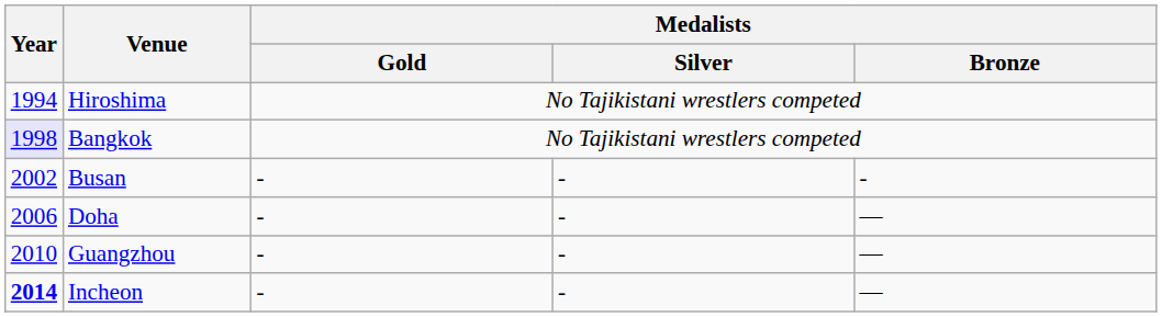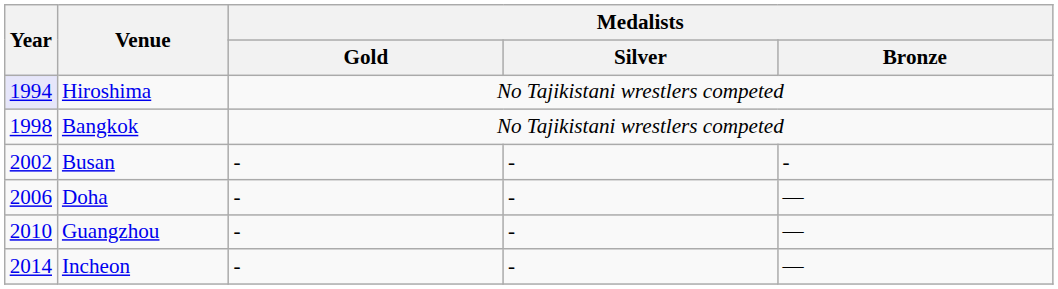 <table class="wikitable" style="text-align:left; font-size:90%">
 <tr>
 <th rowspan=2>Year</th>
 <th width=110 rowspan=2>Venue</th>
 <th colspan=3>Medalists</th>
 </tr>
 <tr>
 <th width=180 align="center">Gold</th>
 <th width=180 align="center">Silver</th>
 <th width=180 align="center">Bronze</th>
 </tr>
 <tr>
-<td><a href='#'>1994</a></td>
+<td style="background: lavender;"><a href='#'>1994</a></td>
 <td><a href='#'>Hiroshima</a></td>
 <td align="center" colspan=3><em>No Tajikistani wrestlers competed</em></td>
 </tr>
 <tr>
-<td style="background: lavender;"><a href='#'>1998</a></td>
+<td><a href='#'>1998</a></td>
 <td><a href='#'>Bangkok</a></td>
 <td align="center" colspan=3><em>No Tajikistani wrestlers competed</em></td>
 </tr>
 <tr>
 <td><a href='#'>2002</a></td>
 <td><a href='#'>Busan</a></td>
 <td>-</td>
 <td>-</td>
 <td>-</td>
 </tr>
 <tr>
 <td><a href='#'>2006</a></td>
 <td><a href='#'>Doha</a></td>
 <td>-</td>
 <td>-</td>
 <td>—</td>
 </tr>
 <tr>
 <td><a href='#'>2010</a></td>
 <td><a href='#'>Guangzhou</a></td>
 <td>-</td>
 <td>-</td>
 <td>—</td>
 </tr>
 <tr>
-<td><strong><a href='#'>2014</a></strong></td>
+<td><a href='#'>2014</a></td>
 <td><a href='#'>Incheon</a></td>
 <td>-</td>
 <td>-</td>
 <td>—</td>
 </tr>
 </table>
